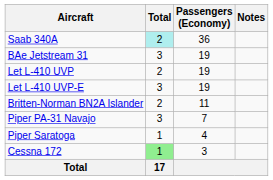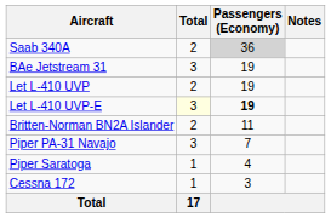 <table class="wikitable" style="border-collapse:collapse;margin:1em auto;">
 <tr>
 <th>Aircraft</th>
 <th>Total</th>
 <th>Passengers<br>(Economy)</th>
 <th>Notes</th>
 </tr>
 <tr>
 <td><a href='#'>Saab 340A</a></td>
-<td align=center style="background: paleturquoise;">2</td>
-<td align=center>36</td>
+<td align=center>2</td>
+<td align=center style="background: lightgrey;">36</td>
 <td></td>
 </tr>
 <tr>
 <td><a href='#'>BAe Jetstream 31</a></td>
 <td align=center>3</td>
 <td align=center>19</td>
 <td></td>
 </tr>
 <tr>
 <td><a href='#'>Let L-410 UVP</a></td>
 <td align=center>2</td>
 <td align=center>19</td>
 <td></td>
 </tr>
 <tr>
 <td><a href='#'>Let L-410 UVP-E</a></td>
-<td align=center>3</td>
-<td align=center>19</td>
+<td align=center style="background: lightyellow;">3</td>
+<td align=center><strong>19</strong></td>
 <td></td>
 </tr>
 <tr>
 <td><a href='#'>Britten-Norman BN2A Islander</a></td>
 <td align=center>2</td>
 <td align=center>11</td>
 <td></td>
 </tr>
 <tr>
 <td><a href='#'>Piper PA-31 Navajo</a></td>
 <td align=center>3</td>
 <td align=center>7</td>
 <td></td>
 </tr>
 <tr>
 <td><a href='#'>Piper Saratoga</a></td>
 <td align=center>1</td>
 <td align=center>4</td>
 <td></td>
 </tr>
 <tr>
 <td><a href='#'>Cessna 172</a></td>
-<td align=center style="background: lightgreen;">1</td>
+<td align=center>1</td>
 <td align=center>3</td>
 <td></td>
 </tr>
 <tr>
 <th>Total</th>
 <th>17</th>
 <th colspan=2></th>
 </tr>
 </table>
